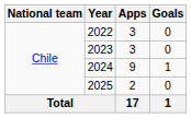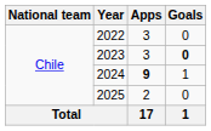 <table class=wikitable style=text-align:center>
 <tr>
 <th>National team</th>
 <th>Year</th>
 <th>Apps</th>
 <th>Goals</th>
 </tr>
 <tr>
 <td rowspan="4"><a href='#'>Chile</a></td>
 <td>2022</td>
 <td>3</td>
 <td>0</td>
 </tr>
 <tr>
 <td>2023</td>
 <td>3</td>
-<td>0</td>
+<td><strong>0</strong></td>
 </tr>
 <tr>
 <td>2024</td>
-<td>9</td>
+<td><strong>9</strong></td>
 <td>1</td>
 </tr>
 <tr>
 <td>2025</td>
 <td>2</td>
 <td>0</td>
 </tr>
 <tr>
 <th colspan="2">Total</th>
 <th>17</th>
 <th>1</th>
 </tr>
 </table>
